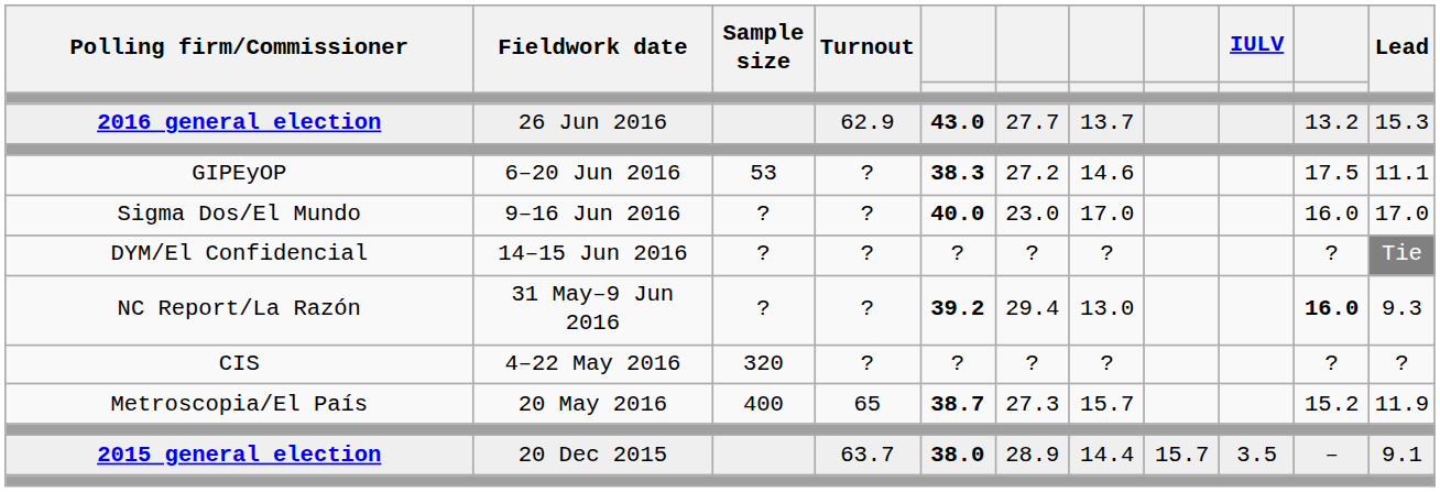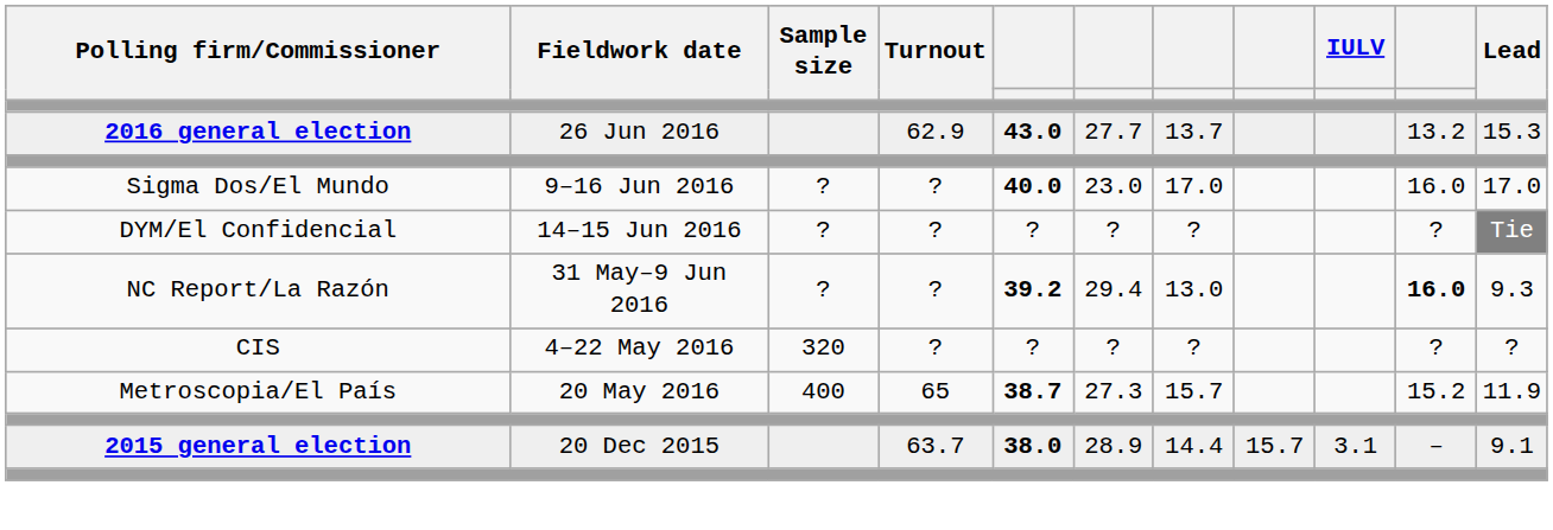 <table class="wikitable collapsible collapsed" style="text-align:center; font-size:95%; line-height:16px;">
 <tr style="height:42px; background-color:#E9E9E9">
 <th style="width:250px;" rowspan="2">Polling firm/Commissioner</th>
 <th style="width:125px;" rowspan="2">Fieldwork date</th>
 <th style="width:50px;" rowspan="2">Sample size</th>
 <th style="width:45px;" rowspan="2">Turnout</th>
 <th style="width:35px;"></th>
 <th style="width:35px;"></th>
 <th style="width:35px;"></th>
 <th style="width:35px;"></th>
 <th style="width:35px;"><a href='#'>IULV</a></th>
 <th style="width:35px;"></th>
 <th style="width:30px;" rowspan="2">Lead</th>
 </tr>
 <tr>
 <th style="color:inherit;background:"></th>
 <th style="color:inherit;background:"></th>
 <th style="color:inherit;background:"></th>
 <th style="color:inherit;background:"></th>
 <th style="color:inherit;background:"></th>
 <th style="color:inherit;background:"></th>
 </tr>
 <tr>
 <td colspan="11" style="background:#A0A0A0"></td>
 </tr>
 <tr style="background:#EFEFEF;">
 <td><strong><a href='#'>2016 general election</a></strong></td>
 <td>26 Jun 2016</td>
 <td></td>
 <td>62.9</td>
 <td><strong>43.0</strong><br></td>
 <td>27.7<br></td>
 <td>13.7<br></td>
 <td></td>
 <td></td>
 <td>13.2<br></td>
 <td style="background:">15.3</td>
 </tr>
 <tr>
 <td colspan="11" style="background:#A0A0A0"></td>
-</tr>
-<tr>
-<td>GIPEyOP</td>
-<td>6–20 Jun 2016</td>
-<td>53</td>
-<td>?</td>
-<td><strong>38.3</strong><br></td>
-<td>27.2<br></td>
-<td>14.6<br></td>
-<td></td>
-<td></td>
-<td>17.5<br></td>
-<td style="background:">11.1</td>
 </tr>
 <tr>
 <td>Sigma Dos/El Mundo</td>
 <td>9–16 Jun 2016</td>
 <td>?</td>
 <td>?</td>
 <td><strong>40.0</strong><br></td>
 <td>23.0<br></td>
 <td>17.0<br></td>
 <td></td>
 <td></td>
 <td>16.0<br></td>
 <td style="background:">17.0</td>
 </tr>
 <tr>
 <td>DYM/El Confidencial</td>
 <td>14–15 Jun 2016</td>
 <td>?</td>
 <td>?</td>
 <td>?<br></td>
 <td>?<br></td>
 <td>?<br></td>
 <td></td>
 <td></td>
 <td>?<br></td>
 <td style="background:gray;color:white;">Tie</td>
 </tr>
 <tr>
 <td>NC Report/La Razón</td>
 <td>31 May–9 Jun 2016</td>
 <td>?</td>
 <td>?</td>
 <td><strong>39.2</strong><br></td>
 <td>29.4<br></td>
 <td>13.0<br></td>
 <td></td>
 <td></td>
 <td><strong>16.0<br></strong></td>
 <td style="background:">9.3</td>
 </tr>
 <tr>
 <td>CIS</td>
 <td>4–22 May 2016</td>
 <td>320</td>
 <td>?</td>
 <td>?<br></td>
 <td>?<br></td>
 <td>?<br></td>
 <td></td>
 <td></td>
 <td>?<br></td>
 <td style="background:">?</td>
 </tr>
 <tr>
 <td>Metroscopia/El País</td>
 <td>20 May 2016</td>
 <td>400</td>
 <td>65</td>
 <td><strong>38.7</strong><br></td>
 <td>27.3<br></td>
 <td>15.7<br></td>
 <td></td>
 <td></td>
 <td>15.2<br></td>
 <td style="background:">11.9</td>
 </tr>
 <tr>
 <td colspan="11" style="background:#A0A0A0"></td>
 </tr>
 <tr style="background:#EFEFEF;">
 <td><strong><a href='#'>2015 general election</a></strong></td>
 <td>20 Dec 2015</td>
 <td></td>
 <td>63.7</td>
 <td><strong>38.0</strong><br></td>
 <td>28.9<br></td>
 <td>14.4<br></td>
 <td>15.7<br></td>
-<td>3.5<br></td>
+<td>3.1<br></td>
 <td>–</td>
 <td style="background:">9.1</td>
 </tr>
 <tr>
 <td colspan="11" style="background:#A0A0A0"></td>
 </tr>
 </table>
